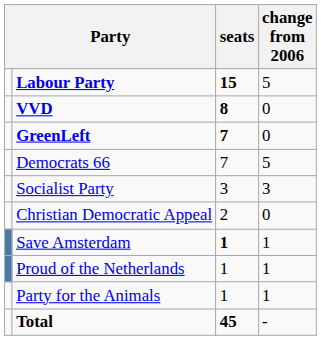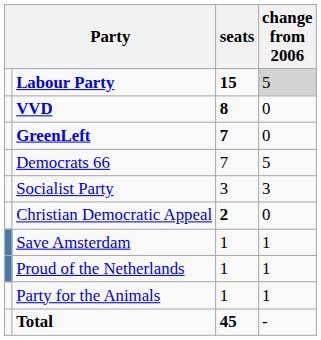 <table class="wikitable">
 <tr>
 <th colspan=2>Party</th>
 <th>seats</th>
 <th>change<br>from<br>2006</th>
 </tr>
 <tr>
 <td style="color:inherit;background:"></td>
 <td><strong><a href='#'>Labour Party</a></strong></td>
 <td><strong>15</strong></td>
-<td> 5</td>
+<td style="background: lightgrey;"> 5</td>
 </tr>
 <tr>
 <td style="color:inherit;background:"></td>
 <td><strong><a href='#'>VVD</a></strong></td>
 <td><strong>8</strong></td>
 <td> 0</td>
 </tr>
 <tr>
 <td style="color:inherit;background:"></td>
 <td><strong><a href='#'>GreenLeft</a></strong></td>
 <td><strong>7</strong></td>
 <td> 0</td>
 </tr>
 <tr>
 <td style="color:inherit;background:"></td>
 <td><a href='#'>Democrats 66</a></td>
 <td>7</td>
 <td> 5</td>
 </tr>
 <tr>
 <td style="color:inherit;background:"></td>
 <td><a href='#'>Socialist Party</a></td>
 <td>3</td>
 <td> 3</td>
 </tr>
 <tr>
 <td style="color:inherit;background:"></td>
 <td><a href='#'>Christian Democratic Appeal</a></td>
-<td>2</td>
+<td><strong>2</strong></td>
 <td> 0</td>
 </tr>
 <tr>
 <td bgcolor="#4878a8"></td>
 <td><a href='#'>Save Amsterdam</a></td>
-<td><strong>1</strong></td>
+<td>1</td>
 <td> 1</td>
 </tr>
 <tr>
 <td bgcolor="#4878a8"></td>
 <td><a href='#'>Proud of the Netherlands</a></td>
 <td>1</td>
 <td> 1</td>
 </tr>
 <tr>
 <td style="color:inherit;background:"></td>
 <td><a href='#'>Party for the Animals</a></td>
 <td>1</td>
 <td> 1</td>
 </tr>
 <tr>
 <td></td>
 <td><strong>Total</strong></td>
 <td><strong>45</strong></td>
 <td>-</td>
 </tr>
 </table>
